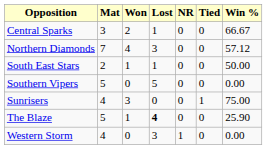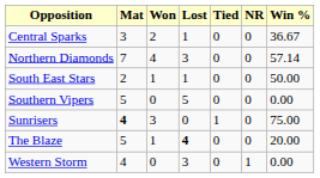 <table class="wikitable sortable">
 <tr>
 <th style="background:#ffc;">Opposition</th>
 <th style="background:#ffc;">Mat</th>
 <th style="background:#ffc;">Won</th>
 <th style="background:#ffc;">Lost</th>
+<th style="background:#ffc;">Tied</th>
 <th style="background:#ffc;">NR</th>
-<th style="background:#ffc;">Tied</th>
 <th style="background:#ffc;">Win %</th>
 </tr>
 <tr>
 <td><a href='#'>Central Sparks</a></td>
 <td>3</td>
 <td>2</td>
 <td>1</td>
 <td>0</td>
 <td>0</td>
-<td>66.67</td>
+<td>36.67</td>
 </tr>
 <tr>
 <td><a href='#'>Northern Diamonds</a></td>
 <td>7</td>
 <td>4</td>
 <td>3</td>
 <td>0</td>
 <td>0</td>
-<td>57.12</td>
+<td>57.14</td>
 </tr>
 <tr>
 <td><a href='#'>South East Stars</a></td>
 <td>2</td>
 <td>1</td>
 <td>1</td>
 <td>0</td>
 <td>0</td>
 <td>50.00</td>
 </tr>
 <tr>
 <td><a href='#'>Southern Vipers</a></td>
 <td>5</td>
 <td>0</td>
 <td>5</td>
 <td>0</td>
 <td>0</td>
 <td>0.00</td>
 </tr>
 <tr>
 <td><a href='#'>Sunrisers</a></td>
-<td>4</td>
+<td><strong>4</strong></td>
 <td>3</td>
 <td>0</td>
+<td>1</td>
 <td>0</td>
-<td>1</td>
 <td>75.00</td>
 </tr>
 <tr>
 <td><a href='#'>The Blaze</a></td>
 <td>5</td>
 <td>1</td>
 <td><strong>4</strong></td>
 <td>0</td>
 <td>0</td>
-<td>25.90</td>
+<td>20.00</td>
 </tr>
 <tr>
 <td><a href='#'>Western Storm</a></td>
 <td>4</td>
 <td>0</td>
 <td>3</td>
+<td>0</td>
 <td>1</td>
-<td>0</td>
 <td>0.00</td>
 </tr>
 </table>
